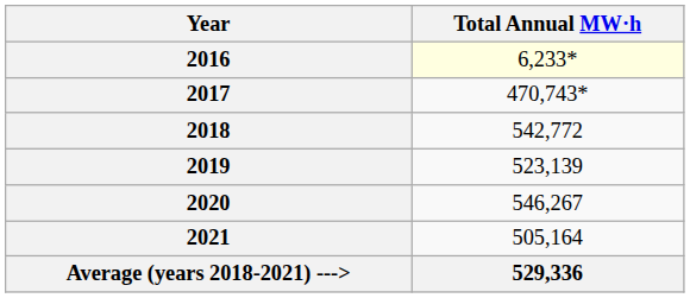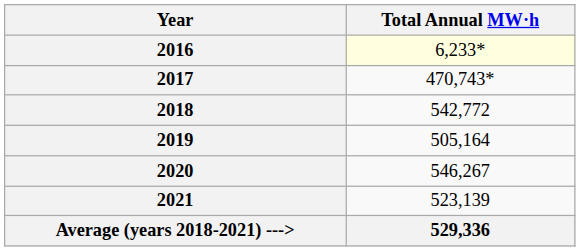 <table class=wikitable float=left style="text-align:center; font-size:0.9em; width:450px;">
 <tr>
 <th>Year</th>
 <th>Total Annual <a href='#'>MW·h</a></th>
 </tr>
 <tr>
 <th>2016</th>
 <td style="background: lightyellow;">6,233*</td>
 </tr>
 <tr>
 <th>2017</th>
 <td>470,743*</td>
 </tr>
 <tr>
 <th>2018</th>
 <td>542,772</td>
 </tr>
 <tr>
 <th>2019</th>
-<td>523,139</td>
+<td>505,164</td>
 </tr>
 <tr>
 <th>2020</th>
 <td>546,267</td>
 </tr>
 <tr>
 <th>2021</th>
-<td>505,164</td>
+<td>523,139</td>
 </tr>
 <tr>
 <th>Average (years 2018-2021) ---></th>
 <th>529,336</th>
 </tr>
 </table>
